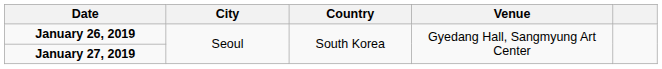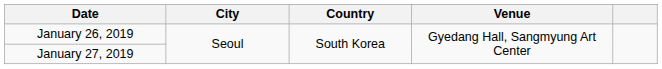 <table class="wikitable" style="text-align:center;">
 <tr>
 <th style="width:200px;">Date</th>
 <th style="width:150px;">City</th>
 <th style="width:150px;">Country</th>
 <th style="width:250px;">Venue</th>
 <th style="width:50px;"></th>
 </tr>
 <tr>
-<td><strong>January 26, 2019</strong></td>
+<td>January 26, 2019</td>
 <td rowspan="2">Seoul</td>
 <td rowspan="2">South Korea</td>
 <td rowspan="2">Gyedang Hall, Sangmyung Art Center</td>
 <td rowspan="2"></td>
 </tr>
 <tr>
-<td><strong>January 27, 2019</strong></td>
+<td>January 27, 2019</td>
 </tr>
 </table>
